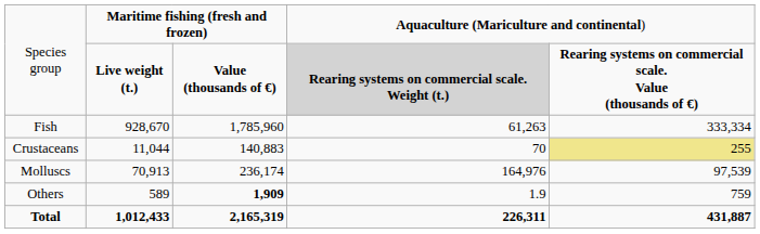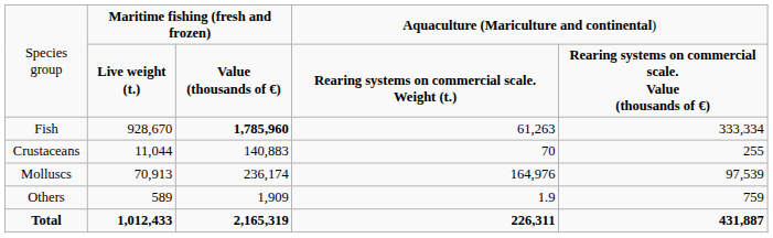 <table class="wikitable collapsible" align="center" style="font-size:90%;width:90%;border:0px;text-align:center;line-height:120%">
 <tr>
 <td rowspan="2">Species group</td>
 <td colspan="2"><strong>Maritime fishing (fresh and frozen)</strong></td>
 <td colspan="3"><strong>Aquaculture (Mariculture and continental</strong>)</td>
 </tr>
 <tr>
 <td><strong>Live weight<br>(t.)</strong></td>
 <td><strong>Value<br>(thousands of €)</strong></td>
-<td style="background: lightgrey;"><strong><br>Rearing systems on commercial scale. Weight (t.)</strong></td>
+<td><strong><br>Rearing systems on commercial scale. Weight (t.)</strong></td>
 <td><strong>Rearing systems on commercial scale.<br>Value<br>(thousands of €)</strong></td>
 </tr>
 <tr>
 <td>Fish</td>
 <td align="right">928,670</td>
-<td align="right">1,785,960</td>
+<td align="right"><strong>1,785,960</strong></td>
 <td align="right">61,263</td>
 <td align="right">333,334</td>
 </tr>
 <tr>
 <td>Crustaceans</td>
 <td align="right">11,044</td>
 <td align="right">140,883</td>
 <td align="right">70</td>
-<td align="right" style="background: khaki;">255</td>
+<td align="right">255</td>
 </tr>
 <tr>
 <td>Molluscs</td>
 <td align="right">70,913</td>
 <td align="right">236,174</td>
 <td align="right">164,976</td>
 <td align="right">97,539</td>
 </tr>
 <tr>
 <td>Others</td>
 <td align="right">589</td>
-<td align="right"><strong>1,909</strong></td>
+<td align="right">1,909</td>
 <td align="right">1.9</td>
 <td align="right">759</td>
 </tr>
 <tr>
 <td><strong>Total</strong></td>
 <td align="right"><strong>1,012,433</strong></td>
 <td align="right"><strong> 2,165,319</strong></td>
 <td align="right"><strong>226,311</strong></td>
 <td align="right"><strong>431,887</strong></td>
 </tr>
 </table>
